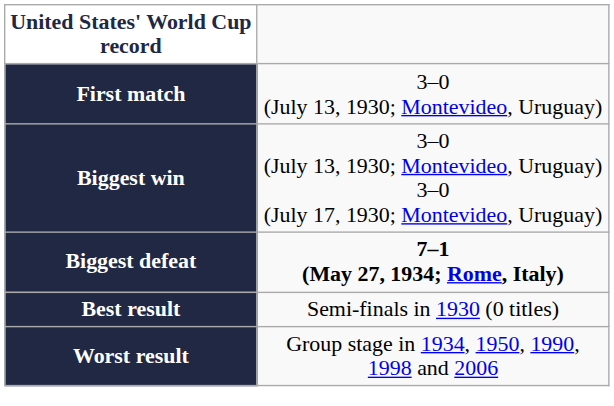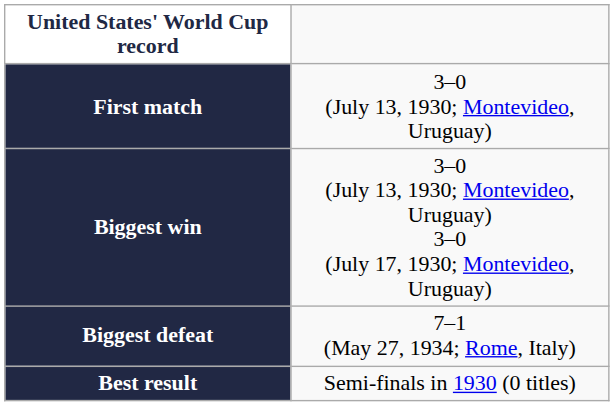 <table class="wikitable collapsible collapsed" style="width:50%; text-align:center">
 <tr>
 <th style="background:white; color:#212844; ">United States' World Cup record</th>
 </tr>
 <tr>
 <th style="background:#212844; color:white; ">First match</th>
 <td> 3–0 <br> (July 13, 1930; <a href='#'>Montevideo</a>, Uruguay)</td>
 </tr>
 <tr>
 <th style="background:#212844; color:white; ">Biggest win</th>
 <td> 3–0 <br> (July 13, 1930; <a href='#'>Montevideo</a>, Uruguay)<br> 3–0 <br> (July 17, 1930; <a href='#'>Montevideo</a>, Uruguay)</td>
 </tr>
 <tr>
 <th style="background:#212844; color:white; ">Biggest defeat</th>
-<td><strong> 7–1 <br> (May 27, 1934; <a href='#'>Rome</a>, Italy)</strong></td>
+<td> 7–1 <br> (May 27, 1934; <a href='#'>Rome</a>, Italy)</td>
 </tr>
 <tr>
 <th style="background:#212844; color:white; ">Best result</th>
 <td>Semi-finals in <a href='#'>1930</a> (0 titles)</td>
 </tr>
-<tr>
-<th style="background:#212844; color:white; ">Worst result</th>
-<td>Group stage in <a href='#'>1934</a>, <a href='#'>1950</a>, <a href='#'>1990</a>, <a href='#'>1998</a> and <a href='#'>2006</a></td>
-</tr>
 </table>
